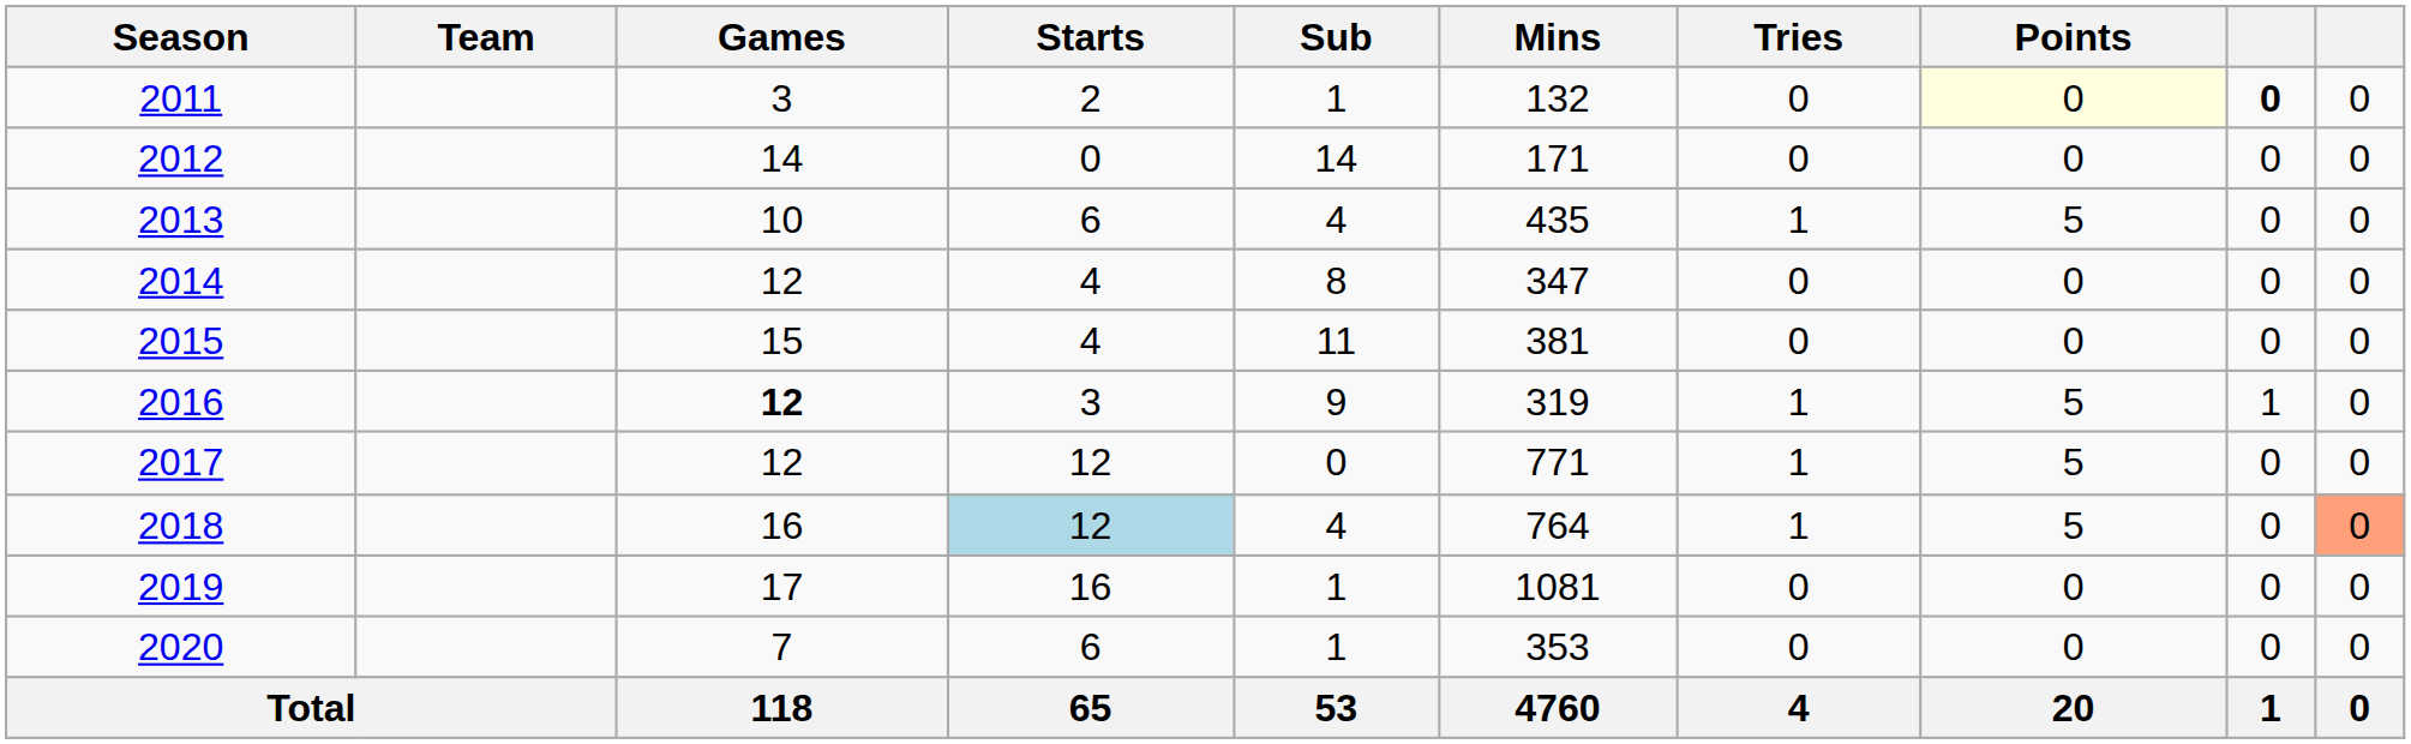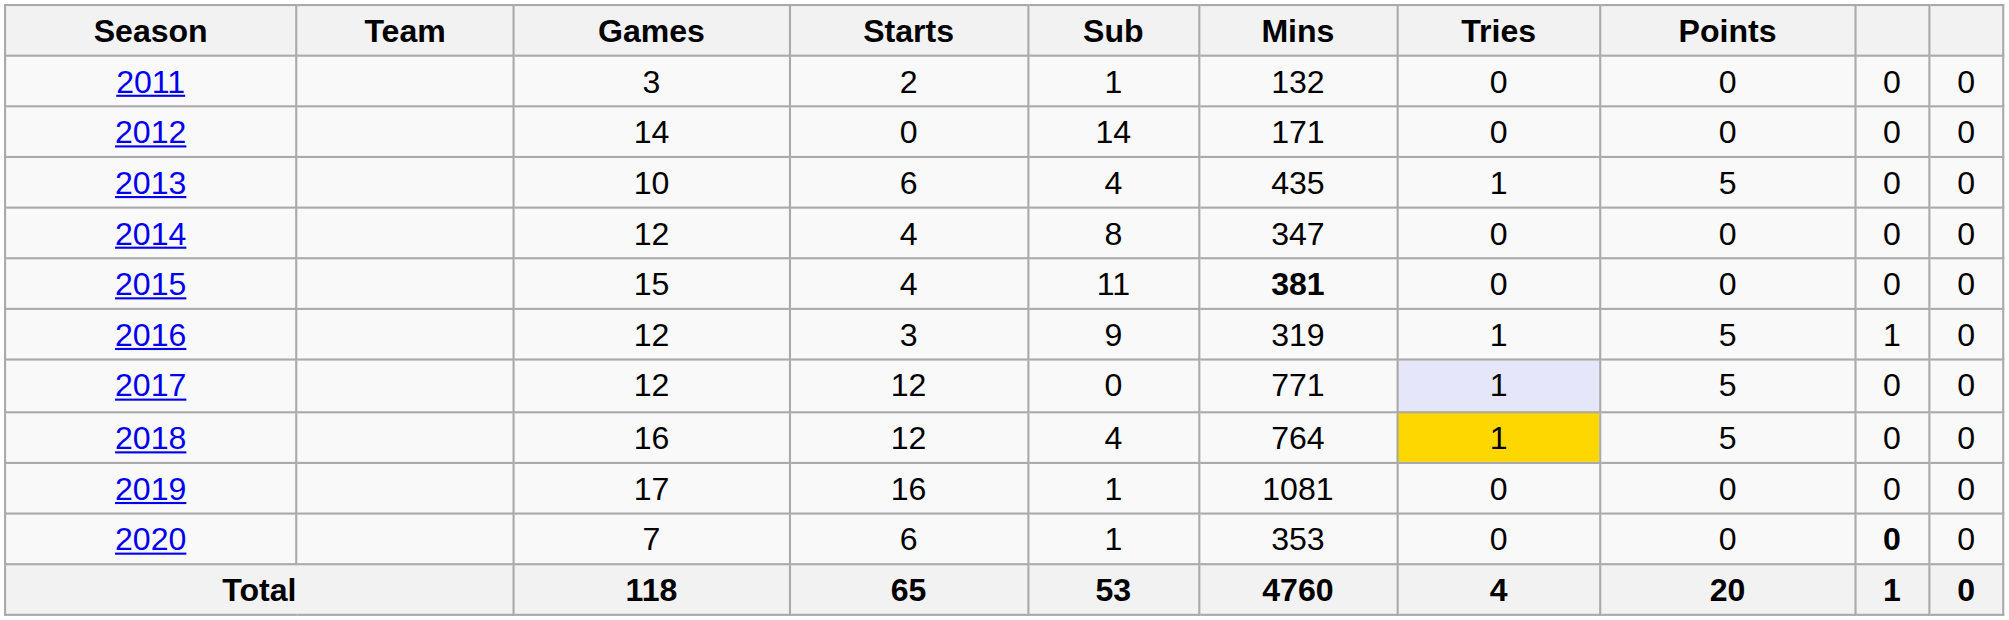 <table class="wikitable" style="text-align:center; font-size:95%; width:75%;">
 <tr>
 <th>Season</th>
 <th>Team</th>
 <th>Games</th>
 <th>Starts</th>
 <th>Sub</th>
 <th>Mins</th>
 <th>Tries</th>
 <th>Points</th>
 <th></th>
 <th></th>
 </tr>
 <tr>
 <td><a href='#'>2011</a></td>
 <td></td>
 <td>3</td>
 <td>2</td>
 <td>1</td>
 <td>132</td>
 <td>0</td>
-<td style="background: lightyellow;">0</td>
-<td><strong>0</strong></td>
+<td>0</td>
+<td>0</td>
 <td>0</td>
 </tr>
 <tr>
 <td><a href='#'>2012</a></td>
 <td></td>
 <td>14</td>
 <td>0</td>
 <td>14</td>
 <td>171</td>
 <td>0</td>
 <td>0</td>
 <td>0</td>
 <td>0</td>
 </tr>
 <tr>
 <td><a href='#'>2013</a></td>
 <td></td>
 <td>10</td>
 <td>6</td>
 <td>4</td>
 <td>435</td>
 <td>1</td>
 <td>5</td>
 <td>0</td>
 <td>0</td>
 </tr>
 <tr>
 <td><a href='#'>2014</a></td>
 <td></td>
 <td>12</td>
 <td>4</td>
 <td>8</td>
 <td>347</td>
 <td>0</td>
 <td>0</td>
 <td>0</td>
 <td>0</td>
 </tr>
 <tr>
 <td><a href='#'>2015</a></td>
 <td></td>
 <td>15</td>
 <td>4</td>
 <td>11</td>
-<td>381</td>
+<td><strong>381</strong></td>
 <td>0</td>
 <td>0</td>
 <td>0</td>
 <td>0</td>
 </tr>
 <tr>
 <td><a href='#'>2016</a></td>
 <td></td>
-<td><strong>12</strong></td>
+<td>12</td>
 <td>3</td>
 <td>9</td>
 <td>319</td>
 <td>1</td>
 <td>5</td>
 <td>1</td>
 <td>0</td>
 </tr>
 <tr>
 <td><a href='#'>2017</a></td>
 <td></td>
 <td>12</td>
 <td>12</td>
 <td>0</td>
 <td>771</td>
-<td>1</td>
+<td style="background: lavender;">1</td>
 <td>5</td>
 <td>0</td>
 <td>0</td>
 </tr>
 <tr>
 <td><a href='#'>2018</a></td>
 <td></td>
 <td>16</td>
-<td style="background: lightblue;">12</td>
+<td>12</td>
 <td>4</td>
 <td>764</td>
-<td>1</td>
+<td style="background: gold;">1</td>
 <td>5</td>
 <td>0</td>
-<td style="background: lightsalmon;">0</td>
+<td>0</td>
 </tr>
 <tr>
 <td><a href='#'>2019</a></td>
 <td></td>
 <td>17</td>
 <td>16</td>
 <td>1</td>
 <td>1081</td>
 <td>0</td>
 <td>0</td>
 <td>0</td>
 <td>0</td>
 </tr>
 <tr>
 <td><a href='#'>2020</a></td>
 <td></td>
 <td>7</td>
 <td>6</td>
 <td>1</td>
 <td>353</td>
 <td>0</td>
 <td>0</td>
-<td>0</td>
+<td><strong>0</strong></td>
 <td>0</td>
 </tr>
 <tr>
 <th colspan="2">Total</th>
 <th>118</th>
 <th>65</th>
 <th>53</th>
 <th>4760</th>
 <th>4</th>
 <th>20</th>
 <th>1</th>
 <th>0</th>
 </tr>
 </table>
